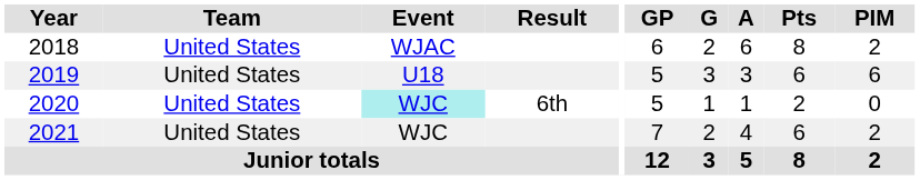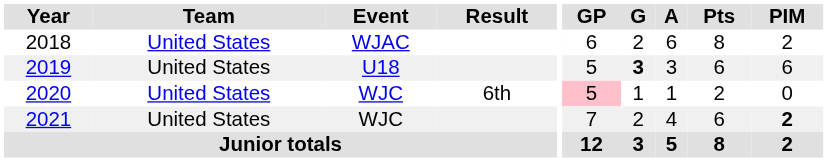 <table border="0" cellpadding="1" cellspacing="0" ID="Table3" style="text-align:center; width:40em;">
 <tr bgcolor="#e0e0e0">
 <th>Year</th>
 <th>Team</th>
 <th>Event</th>
 <th>Result</th>
 <th rowspan="98" bgcolor="#ffffff"></th>
 <th>GP</th>
 <th>G</th>
 <th>A</th>
 <th>Pts</th>
 <th>PIM</th>
 </tr>
 <tr>
 <td>2018</td>
 <td><a href='#'>United States</a></td>
 <td><a href='#'>WJAC</a></td>
 <td></td>
 <td>6</td>
 <td>2</td>
 <td>6</td>
 <td>8</td>
 <td>2</td>
 </tr>
 <tr bgcolor="#f0f0f0">
 <td><a href='#'>2019</a></td>
 <td>United States</td>
 <td><a href='#'>U18</a></td>
 <td></td>
 <td>5</td>
-<td>3</td>
+<td><strong>3</strong></td>
 <td>3</td>
 <td>6</td>
 <td>6</td>
 </tr>
 <tr>
 <td><a href='#'>2020</a></td>
 <td><a href='#'>United States</a></td>
-<td style="background: paleturquoise;"><a href='#'>WJC</a></td>
+<td><a href='#'>WJC</a></td>
 <td>6th</td>
-<td>5</td>
+<td style="background: pink;">5</td>
 <td>1</td>
 <td>1</td>
 <td>2</td>
 <td>0</td>
 </tr>
 <tr bgcolor="#f0f0f0">
 <td><a href='#'>2021</a></td>
 <td>United States</td>
 <td>WJC</td>
 <td></td>
 <td>7</td>
 <td>2</td>
 <td>4</td>
 <td>6</td>
-<td>2</td>
+<td><strong>2</strong></td>
 </tr>
 <tr bgcolor="#e0e0e0">
 <th colspan="4">Junior totals</th>
 <th>12</th>
 <th>3</th>
 <th>5</th>
 <th>8</th>
 <th>2</th>
 </tr>
 </table>
